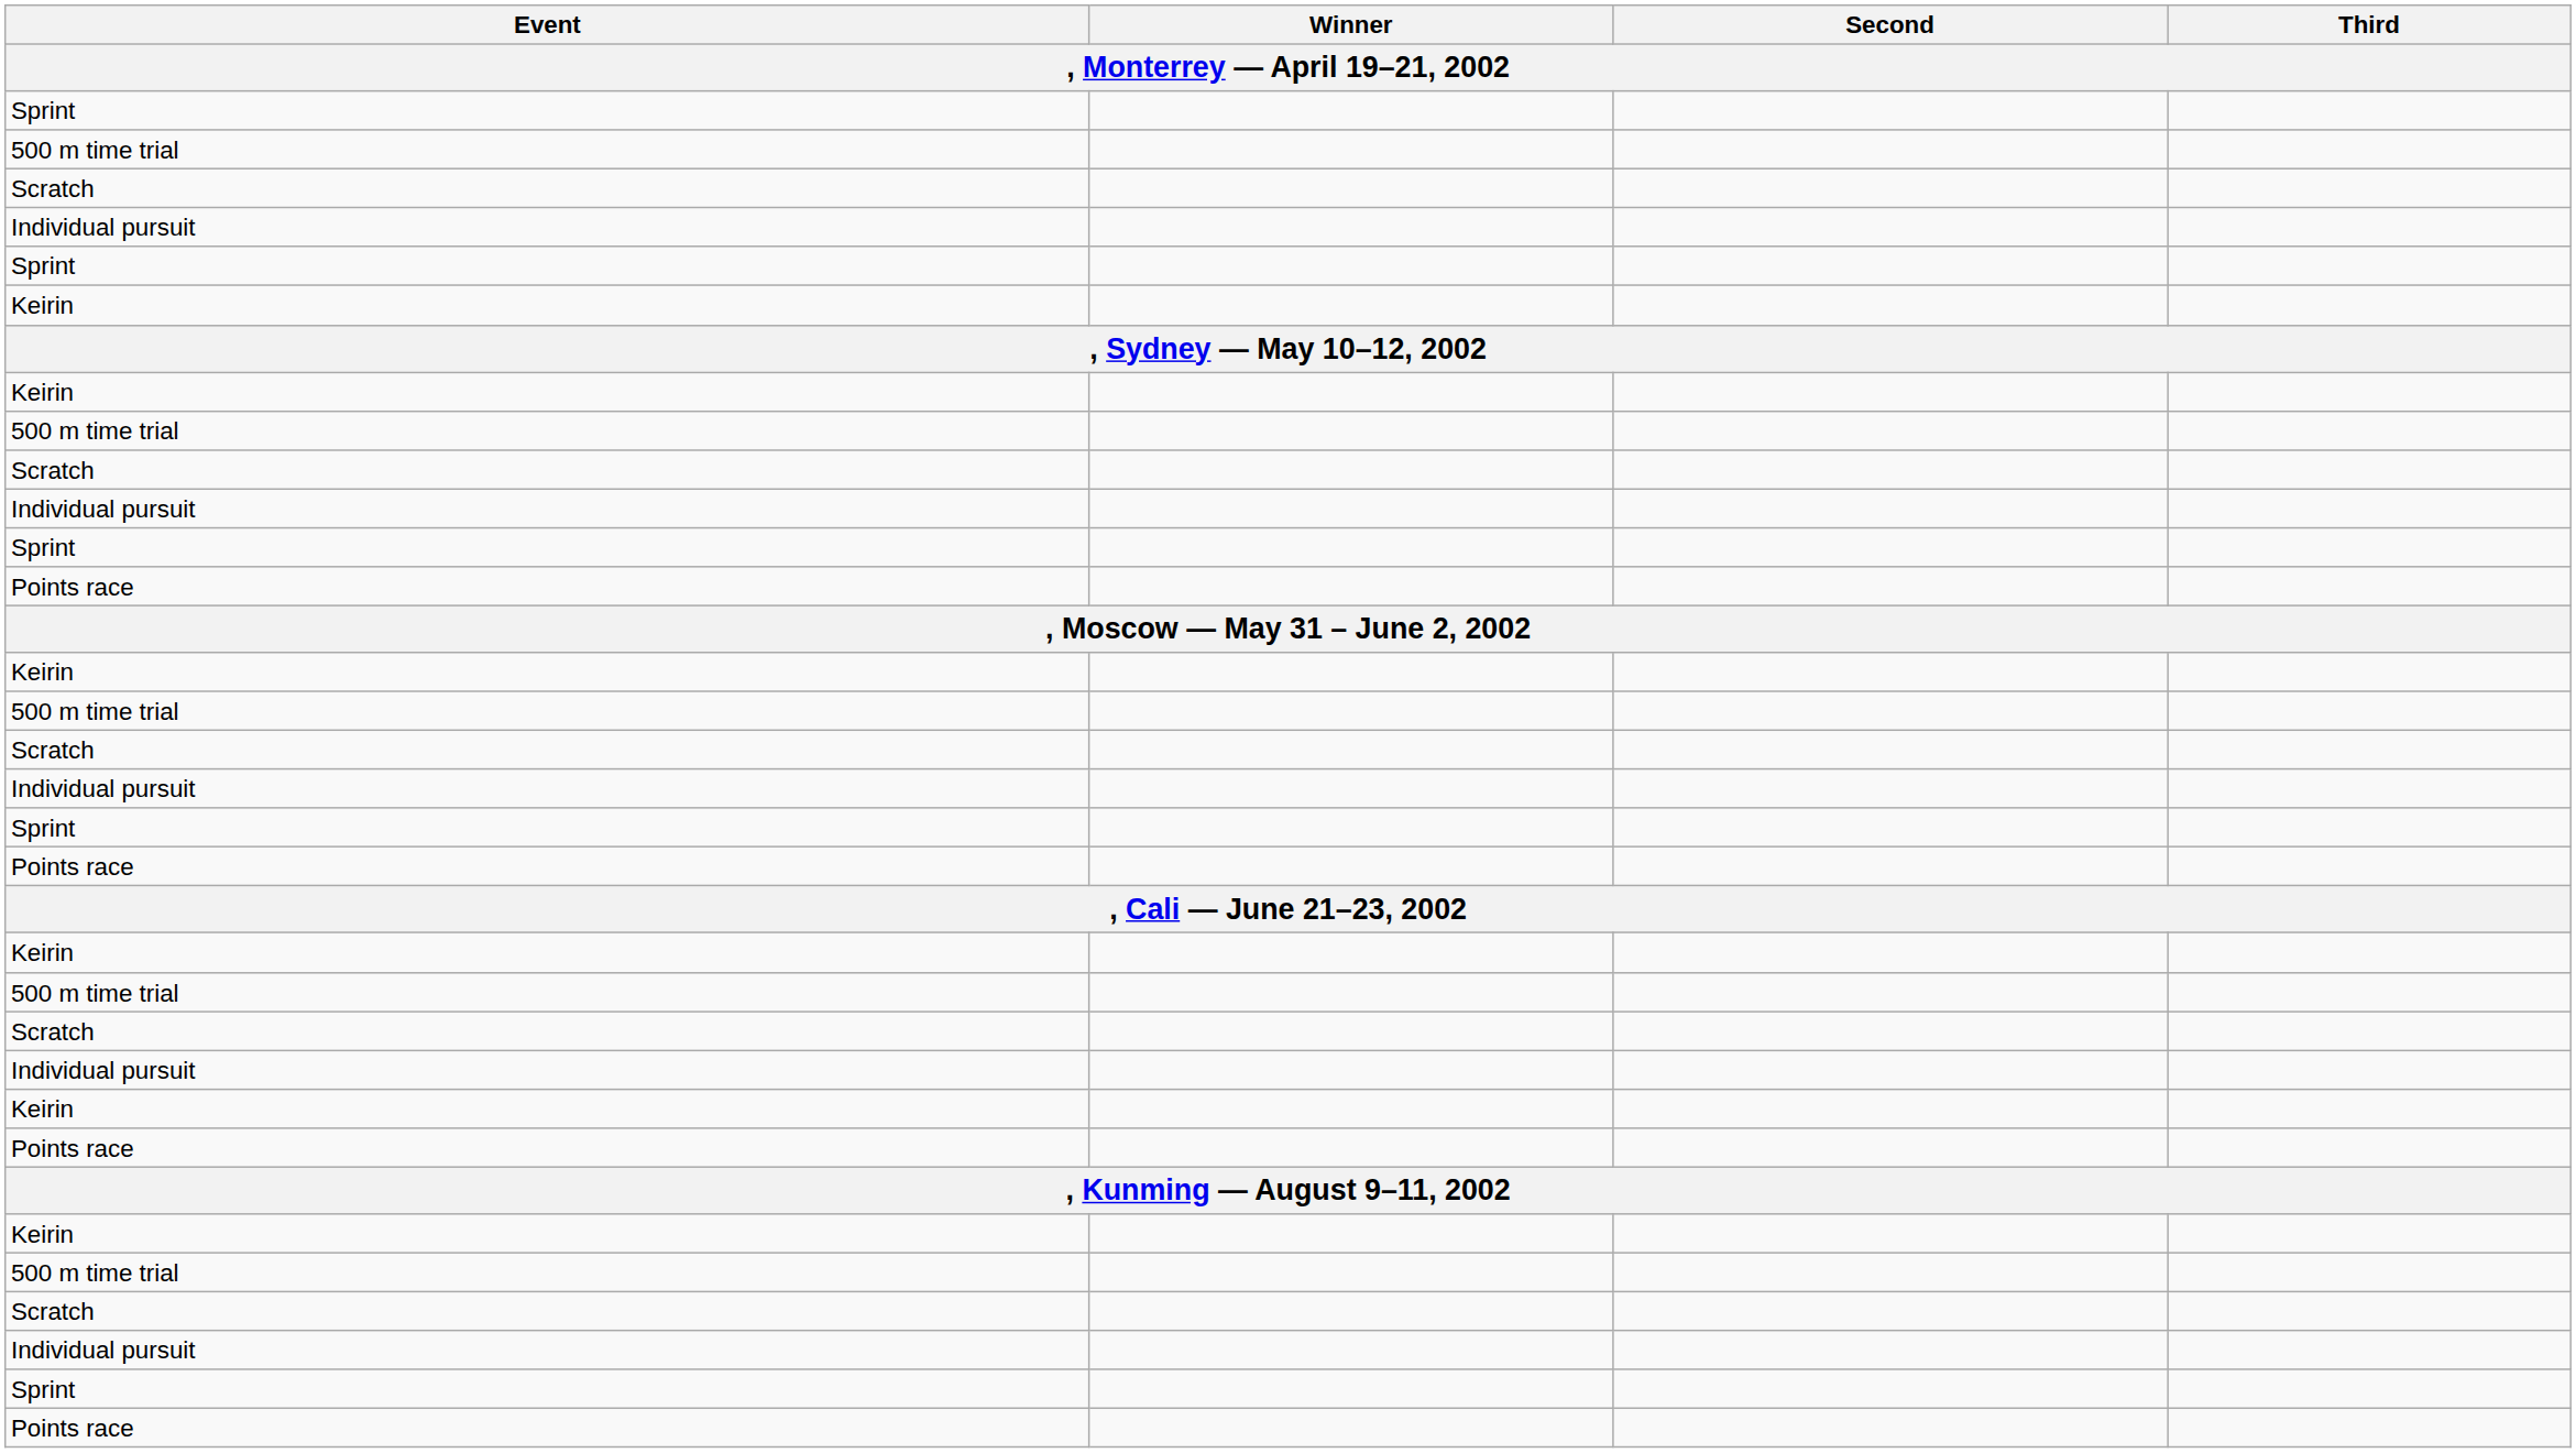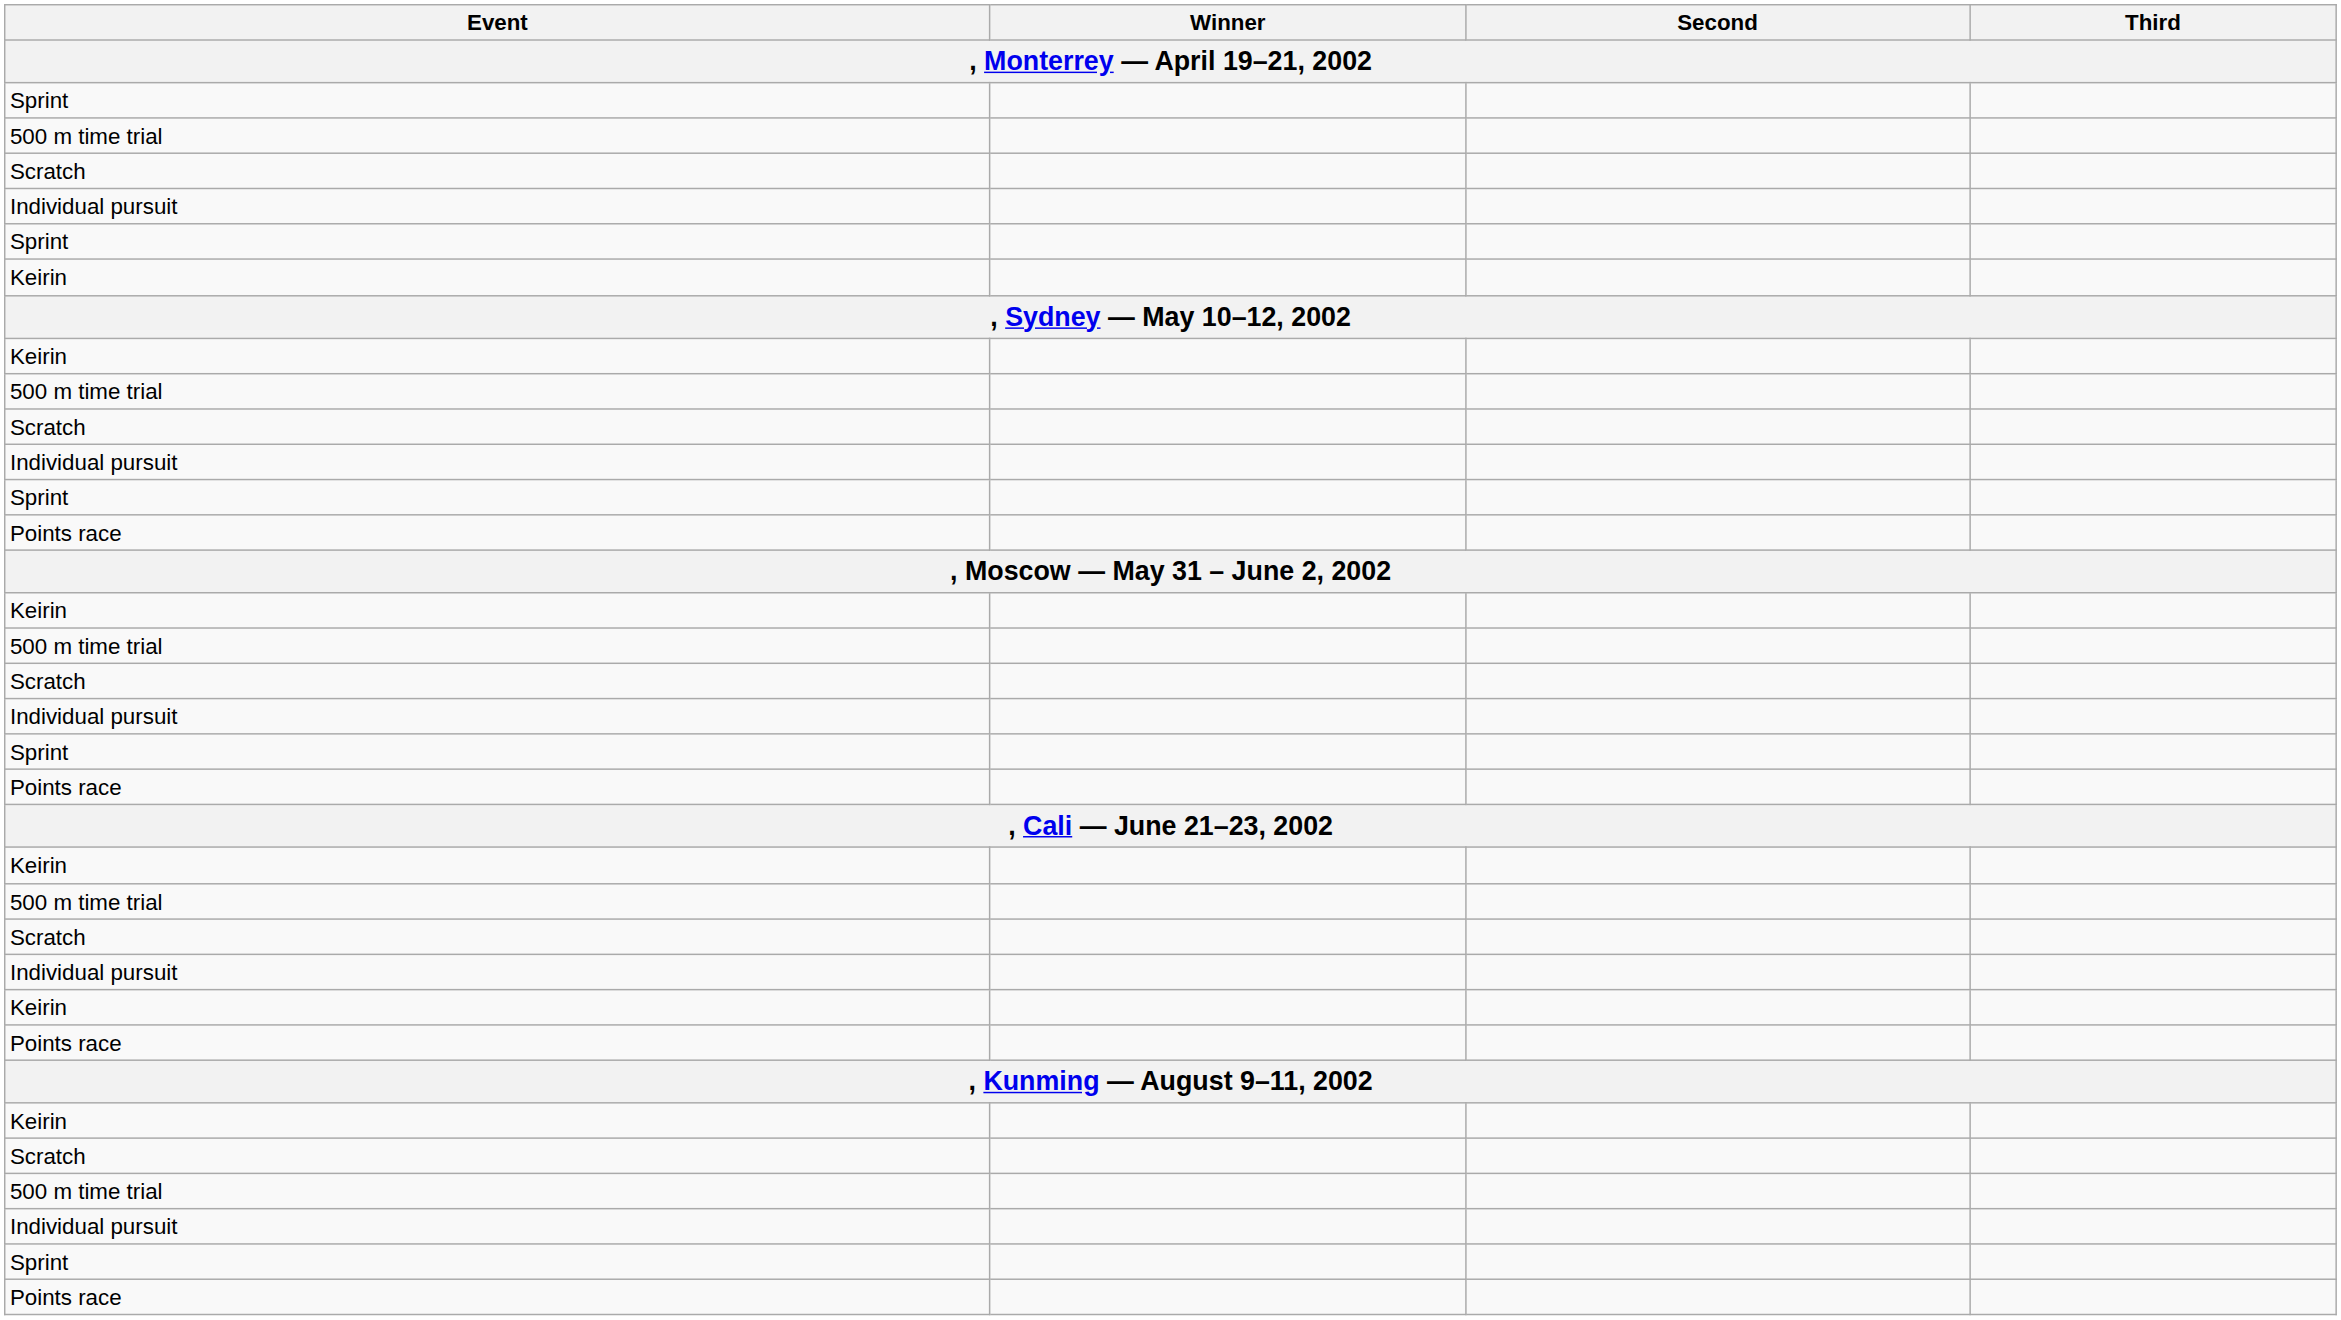 <table class=wikitable style="font-size:95%" width="80%">
 <tr>
 <th>Event</th>
 <th>Winner</th>
 <th>Second</th>
 <th>Third</th>
 </tr>
 <tr>
 <th colspan=4><big>, <a href='#'>Monterrey</a> — April 19–21, 2002</big></th>
 </tr>
 <tr>
 <td>Sprint</td>
 <td></td>
 <td></td>
 <td></td>
 </tr>
 <tr>
 <td>500 m time trial</td>
 <td></td>
 <td></td>
 <td></td>
 </tr>
 <tr>
 <td>Scratch</td>
 <td></td>
 <td></td>
 <td></td>
 </tr>
 <tr>
 <td>Individual pursuit</td>
 <td></td>
 <td></td>
 <td></td>
 </tr>
 <tr>
 <td>Sprint</td>
 <td></td>
 <td></td>
 <td></td>
 </tr>
 <tr>
 <td>Keirin</td>
 <td></td>
 <td></td>
 <td></td>
 </tr>
 <tr>
 <th colspan=4><big>, <a href='#'>Sydney</a> — May 10–12, 2002</big></th>
 </tr>
 <tr>
 <td>Keirin</td>
 <td></td>
 <td></td>
 <td></td>
 </tr>
 <tr>
 <td>500 m time trial</td>
 <td></td>
 <td></td>
 <td></td>
 </tr>
 <tr>
 <td>Scratch</td>
 <td></td>
 <td></td>
 <td></td>
 </tr>
 <tr>
 <td>Individual pursuit</td>
 <td></td>
 <td></td>
 <td></td>
 </tr>
 <tr>
 <td>Sprint</td>
 <td></td>
 <td></td>
 <td></td>
 </tr>
 <tr>
 <td>Points race</td>
 <td></td>
 <td></td>
 <td></td>
 </tr>
 <tr>
 <th colspan=4><big>, Moscow — May 31 – June 2, 2002</big></th>
 </tr>
 <tr>
 <td>Keirin</td>
 <td></td>
 <td></td>
 <td></td>
 </tr>
 <tr>
 <td>500 m time trial</td>
 <td></td>
 <td></td>
 <td></td>
 </tr>
 <tr>
 <td>Scratch</td>
 <td></td>
 <td></td>
 <td></td>
 </tr>
 <tr>
 <td>Individual pursuit</td>
 <td></td>
 <td></td>
 <td></td>
 </tr>
 <tr>
 <td>Sprint</td>
 <td></td>
 <td></td>
 <td></td>
 </tr>
 <tr>
 <td>Points race</td>
 <td></td>
 <td></td>
 <td></td>
 </tr>
 <tr>
 <th colspan=4><big>, <a href='#'>Cali</a> — June 21–23, 2002</big></th>
 </tr>
 <tr>
 <td>Keirin</td>
 <td></td>
 <td></td>
 <td></td>
 </tr>
 <tr>
 <td>500 m time trial</td>
 <td></td>
 <td></td>
 <td></td>
 </tr>
 <tr>
 <td>Scratch</td>
 <td></td>
 <td></td>
 <td></td>
 </tr>
 <tr>
 <td>Individual pursuit</td>
 <td></td>
 <td></td>
 <td></td>
 </tr>
 <tr>
 <td>Keirin</td>
 <td></td>
 <td></td>
 <td></td>
 </tr>
 <tr>
 <td>Points race</td>
 <td></td>
 <td></td>
 <td></td>
 </tr>
 <tr>
 <th colspan=4><big>, <a href='#'>Kunming</a> — August 9–11, 2002</big></th>
 </tr>
 <tr>
 <td>Keirin</td>
 <td></td>
 <td></td>
 <td></td>
 </tr>
 <tr>
-<td>500 m time trial</td>
+<td>Scratch</td>
 <td></td>
 <td></td>
 <td></td>
 </tr>
 <tr>
-<td>Scratch</td>
+<td>500 m time trial</td>
 <td></td>
 <td></td>
 <td></td>
 </tr>
 <tr>
 <td>Individual pursuit</td>
 <td></td>
 <td></td>
 <td></td>
 </tr>
 <tr>
 <td>Sprint</td>
 <td></td>
 <td></td>
 <td></td>
 </tr>
 <tr>
 <td>Points race</td>
 <td></td>
 <td></td>
 <td></td>
 </tr>
 </table>
